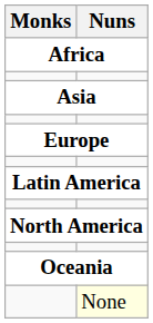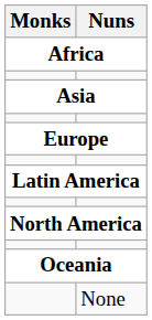 <table class="wikitable">
 <tr>
 <th style="width: 50%;">Monks</th>
 <th style="width: 50%;">Nuns</th>
 </tr>
 <tr bgcolor="#ffffff">
 <td colspan="2" style="text-align: center;"><strong>Africa</strong></td>
 </tr>
 <tr style="vertical-align: top;">
 <td></td>
 <td></td>
 </tr>
 <tr bgcolor="#ffffff">
 <td colspan="2" style="text-align: center;"><strong>Asia</strong></td>
 </tr>
 <tr style="vertical-align: top;">
 <td></td>
 <td></td>
 </tr>
 <tr bgcolor="#ffffff">
 <td colspan="2" style="text-align: center;"><strong>Europe</strong></td>
 </tr>
 <tr style="vertical-align: top;">
 <td></td>
 <td></td>
 </tr>
 <tr bgcolor="#ffffff">
 <td colspan="2" style="text-align: center;"><strong>Latin America</strong></td>
 </tr>
 <tr style="vertical-align: top;">
 <td></td>
 <td></td>
 </tr>
 <tr bgcolor="#ffffff">
 <td colspan="2" style="text-align: center;"><strong>North America</strong></td>
 </tr>
 <tr style="vertical-align: top;">
 <td></td>
 <td></td>
 </tr>
 <tr bgcolor="#ffffff">
 <td colspan="2" style="text-align: center;"><strong>Oceania</strong></td>
 </tr>
 <tr style="vertical-align: top;">
 <td></td>
-<td style="background: lightyellow;">None</td>
+<td>None</td>
 </tr>
 </table>
